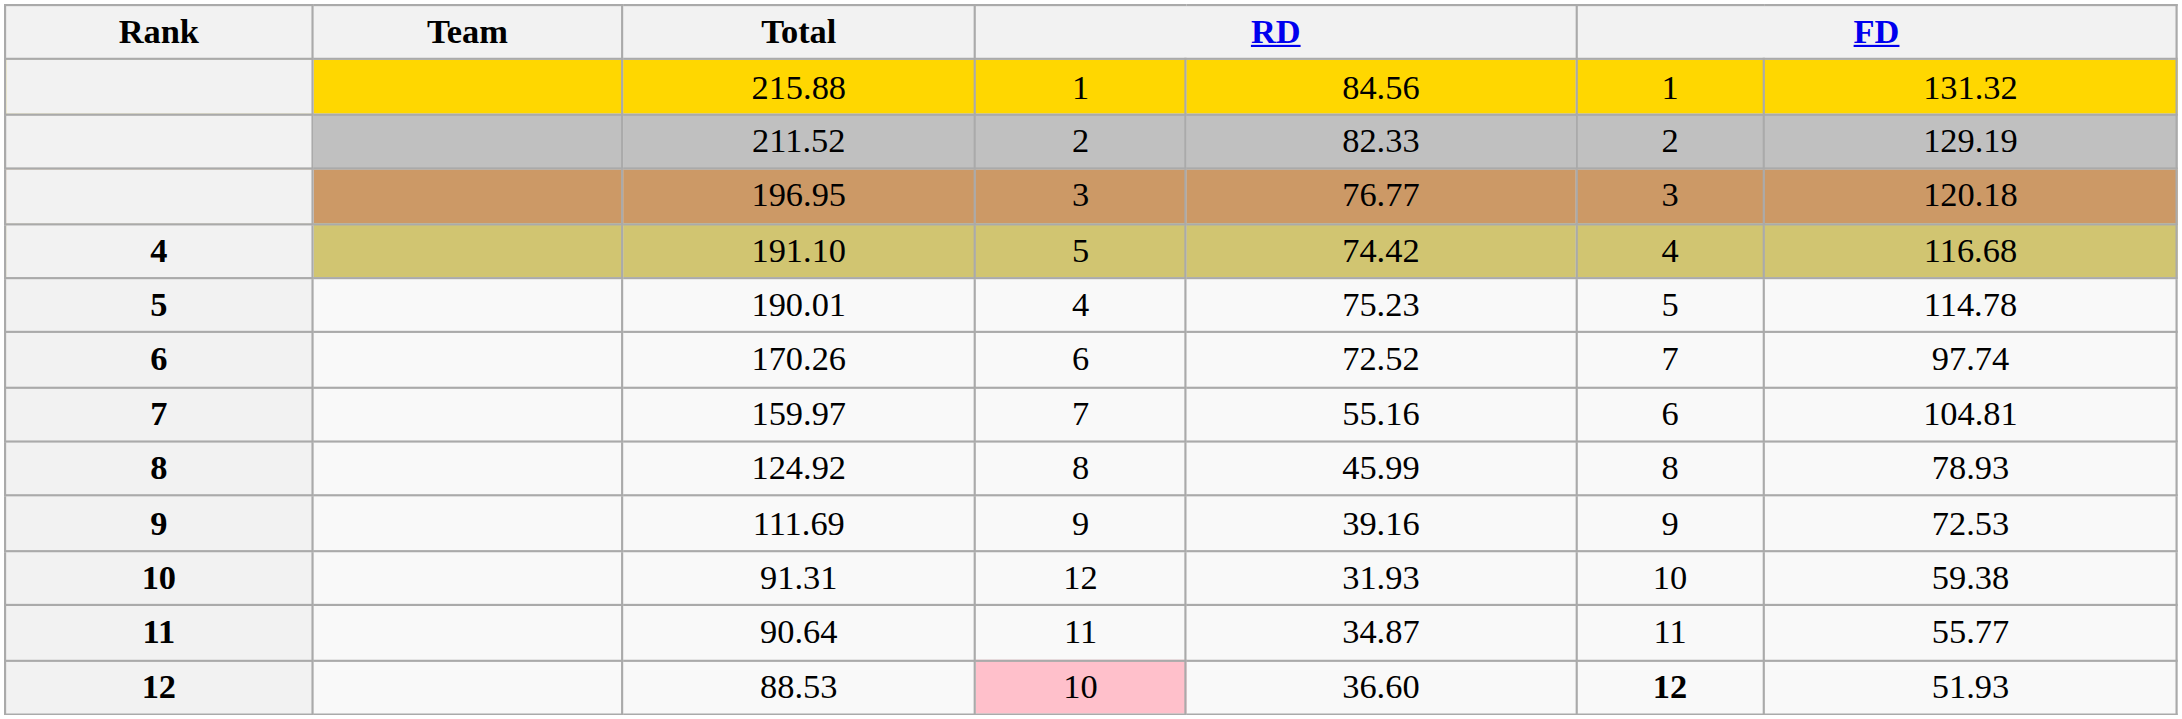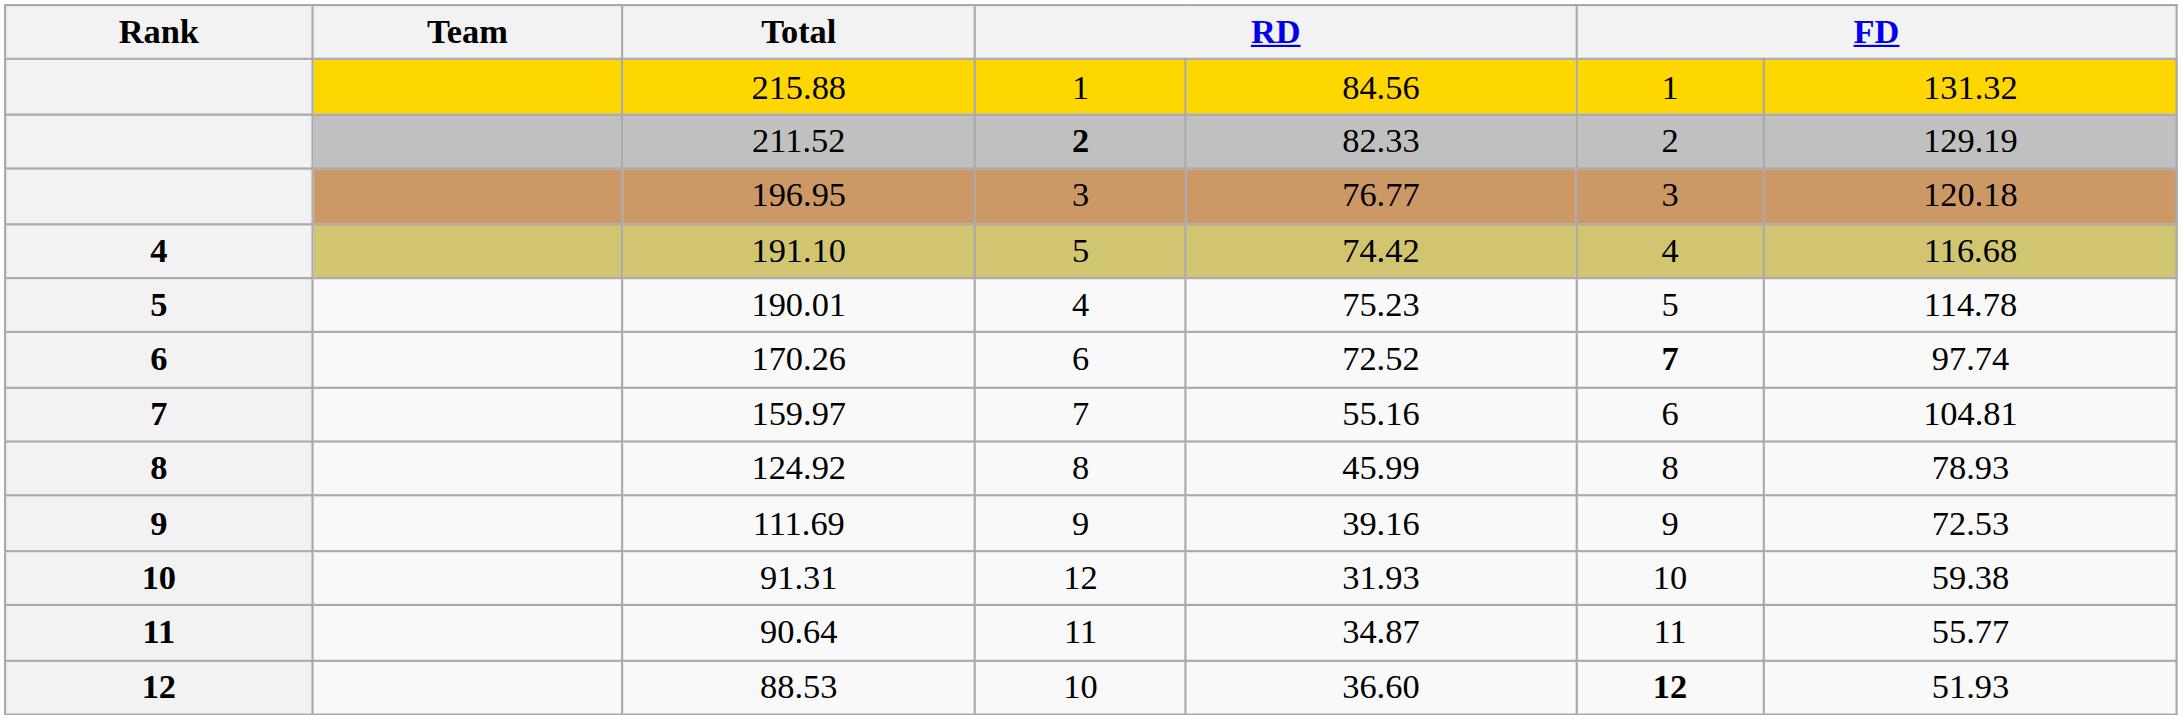 <table class="wikitable sortable" style="text-align:left; width:80%">
 <tr>
 <th scope="col">Rank</th>
 <th scope="col">Team</th>
 <th scope="col">Total</th>
 <th scope="col" colspan="2" width="80px"><a href='#'>RD</a></th>
 <th scope="col" colspan="2" width="80px"><a href='#'>FD</a></th>
 </tr>
 <tr bgcolor="gold">
 <th scope="row"></th>
 <td></td>
 <td align="center">215.88</td>
 <td align="center">1</td>
 <td align="center">84.56</td>
 <td align="center">1</td>
 <td align="center">131.32</td>
 </tr>
 <tr bgcolor="silver">
 <th scope="row"></th>
 <td></td>
 <td align="center">211.52</td>
-<td align="center">2</td>
+<td align="center"><strong>2</strong></td>
 <td align="center">82.33</td>
 <td align="center">2</td>
 <td align="center">129.19</td>
 </tr>
 <tr bgcolor="cc9966">
 <th scope="row"></th>
 <td></td>
 <td align="center">196.95</td>
 <td align="center">3</td>
 <td align="center">76.77</td>
 <td align="center">3</td>
 <td align="center">120.18</td>
 </tr>
 <tr bgcolor="#d1c571">
 <th scope="row">4</th>
 <td></td>
 <td align="center">191.10</td>
 <td align="center">5</td>
 <td align="center">74.42</td>
 <td align="center">4</td>
 <td align="center">116.68</td>
 </tr>
 <tr>
 <th>5</th>
 <td></td>
 <td align="center">190.01</td>
 <td align="center">4</td>
 <td align="center">75.23</td>
 <td align="center">5</td>
 <td align="center">114.78</td>
 </tr>
 <tr>
 <th>6</th>
 <td></td>
 <td align="center">170.26</td>
 <td align="center">6</td>
 <td align="center">72.52</td>
-<td align="center">7</td>
+<td align="center"><strong>7</strong></td>
 <td align="center">97.74</td>
 </tr>
 <tr>
 <th>7</th>
 <td></td>
 <td align="center">159.97</td>
 <td align="center">7</td>
 <td align="center">55.16</td>
 <td align="center">6</td>
 <td align="center">104.81</td>
 </tr>
 <tr>
 <th>8</th>
 <td></td>
 <td align="center">124.92</td>
 <td align="center">8</td>
 <td align="center">45.99</td>
 <td align="center">8</td>
 <td align="center">78.93</td>
 </tr>
 <tr>
 <th>9</th>
 <td></td>
 <td align="center">111.69</td>
 <td align="center">9</td>
 <td align="center">39.16</td>
 <td align="center">9</td>
 <td align="center">72.53</td>
 </tr>
 <tr>
 <th>10</th>
 <td></td>
 <td align="center">91.31</td>
 <td align="center">12</td>
 <td align="center">31.93</td>
 <td align="center">10</td>
 <td align="center">59.38</td>
 </tr>
 <tr>
 <th>11</th>
 <td></td>
 <td align="center">90.64</td>
 <td align="center">11</td>
 <td align="center">34.87</td>
 <td align="center">11</td>
 <td align="center">55.77</td>
 </tr>
 <tr>
 <th>12</th>
 <td></td>
 <td align="center">88.53</td>
-<td align="center" style="background: pink;">10</td>
+<td align="center">10</td>
 <td align="center">36.60</td>
 <td align="center"><strong>12</strong></td>
 <td align="center">51.93</td>
 </tr>
 </table>
